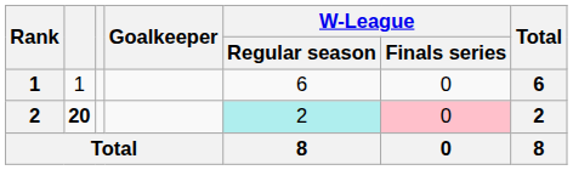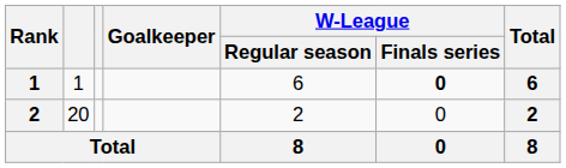 <table class="wikitable" style="text-align:center">
 <tr>
 <th rowspan="2">Rank</th>
 <th rowspan="2"></th>
 <th rowspan="2"></th>
 <th rowspan="2">Goalkeeper</th>
 <th colspan="2"><a href='#'>W-League</a></th>
 <th rowspan="2">Total</th>
 </tr>
 <tr>
 <th>Regular season</th>
 <th>Finals series</th>
 </tr>
 <tr>
 <th>1</th>
 <td>1</td>
 <td></td>
 <td align="left"></td>
 <td>6</td>
-<td>0</td>
+<td><strong>0</strong></td>
 <th>6</th>
 </tr>
 <tr>
 <th>2</th>
-<td><strong>20</strong></td>
+<td>20</td>
 <td></td>
 <td align="left"></td>
-<td style="background: paleturquoise;">2</td>
-<td style="background: pink;">0</td>
+<td>2</td>
+<td>0</td>
 <th>2</th>
 </tr>
 <tr>
 <th colspan="4">Total</th>
 <th>8</th>
 <th>0</th>
 <th>8</th>
 </tr>
 </table>
